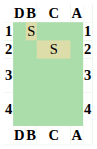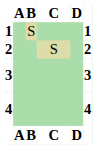 <table style="text-align:center;border-spacing:0px;background:#ada;">
 <tr style="background:#fff;">
 <th> </th>
-<th>D</th>
+<th>A</th>
 <th>B</th>
 <th>C</th>
-<th>A</th>
+<th>D</th>
 <th> </th>
 </tr>
 <tr>
 <th style="background:#fff;">1</th>
 <td></td>
 <td style="background:#dda;">S</td>
 <td></td>
 <td></td>
 <th style="background:#fff;">1</th>
 </tr>
 <tr>
 <th style="background:#fff;">2</th>
 <td></td>
 <td></td>
 <td style="width:35px;background:#dda;">S</td>
 <td></td>
 <th style="background:#fff;">2</th>
 </tr>
 <tr>
 <th style="background:#fff;height:35px;">3</th>
 <td></td>
 <td></td>
 <td></td>
 <td></td>
 <th style="background:#fff;">3</th>
 </tr>
 <tr>
 <th style="background:#fff;height:35px;">4</th>
 <td></td>
 <td></td>
 <td></td>
 <td></td>
 <th style="background:#fff;">4</th>
 </tr>
 <tr style="background:#fff;">
 <th> </th>
-<th>D</th>
+<th>A</th>
 <th>B</th>
 <th>C</th>
-<th>A</th>
+<th>D</th>
 <th> </th>
 </tr>
 </table>
